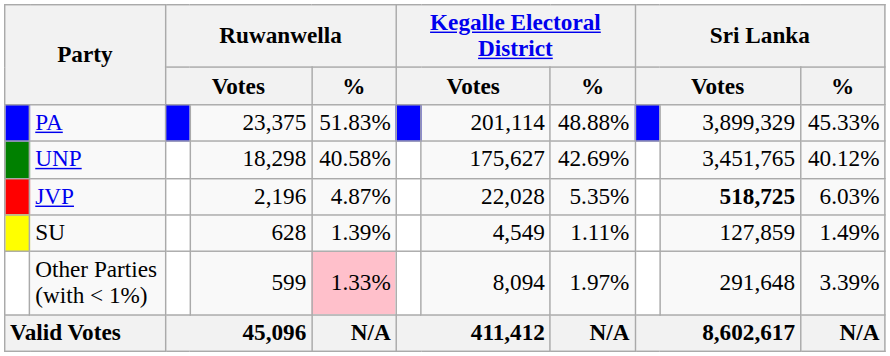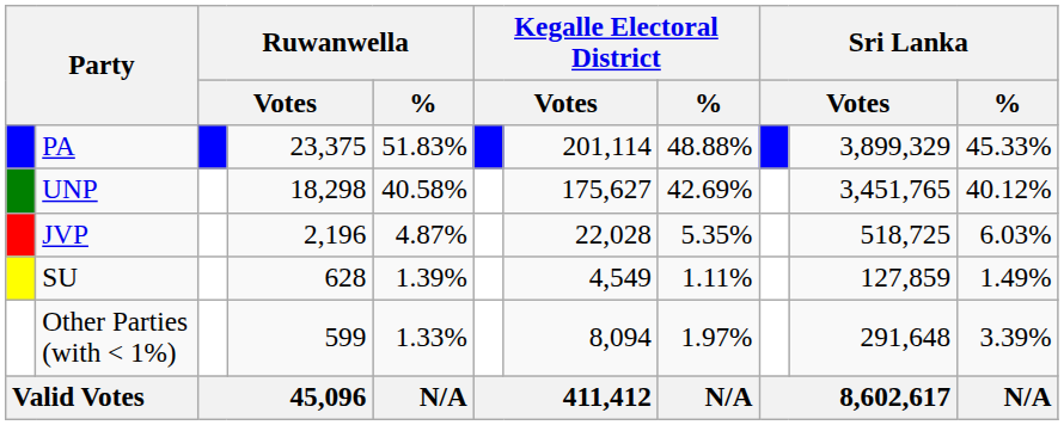 <table class="wikitable">
 <tr>
 <th colspan="2" width="144px"rowspan="2">Party</th>
 <th colspan="3" width="216px">Ruwanwella</th>
 <th colspan="3" width="216px"><a href='#'>Kegalle Electoral District</a></th>
 <th colspan="3" width="216px">Sri Lanka</th>
 </tr>
 <tr>
 <th colspan="2" width="144px">Votes</th>
 <th>%</th>
 <th colspan="2" width="144px">Votes</th>
 <th>%</th>
 <th colspan="2" width="144px">Votes</th>
 <th>%</th>
 </tr>
 <tr>
 <td style="background-color:blue;" width="10px"></td>
 <td style="text-align:left;"><a href='#'>PA</a></td>
 <td style="background-color:blue;" width="10px"></td>
 <td style="text-align:right;">23,375</td>
 <td style="text-align:right;">51.83%</td>
 <td style="background-color:blue;" width="10px"></td>
 <td style="text-align:right;">201,114</td>
 <td style="text-align:right;">48.88%</td>
 <td style="background-color:blue;" width="10px"></td>
 <td style="text-align:right;">3,899,329</td>
 <td style="text-align:right;">45.33%</td>
 </tr>
 <tr>
 <td style="background-color:green;" width="10px"></td>
 <td style="text-align:left;"><a href='#'>UNP</a></td>
 <td style="background-color:white;" width="10px"></td>
 <td style="text-align:right;">18,298</td>
 <td style="text-align:right;">40.58%</td>
 <td style="background-color:white;" width="10px"></td>
 <td style="text-align:right;">175,627</td>
 <td style="text-align:right;">42.69%</td>
 <td style="background-color:white;" width="10px"></td>
 <td style="text-align:right;">3,451,765</td>
 <td style="text-align:right;">40.12%</td>
 </tr>
 <tr>
 <td style="background-color:red;" width="10px"></td>
 <td style="text-align:left;"><a href='#'>JVP</a></td>
 <td style="background-color:white;" width="10px"></td>
 <td style="text-align:right;">2,196</td>
 <td style="text-align:right;">4.87%</td>
 <td style="background-color:white;" width="10px"></td>
 <td style="text-align:right;">22,028</td>
 <td style="text-align:right;">5.35%</td>
 <td style="background-color:white;" width="10px"></td>
-<td style="text-align:right;"><strong>518,725</strong></td>
+<td style="text-align:right;">518,725</td>
 <td style="text-align:right;">6.03%</td>
 </tr>
 <tr>
 <td style="background-color:yellow;" width="10px"></td>
 <td style="text-align:left;">SU</td>
 <td style="background-color:white;" width="10px"></td>
 <td style="text-align:right;">628</td>
 <td style="text-align:right;">1.39%</td>
 <td style="background-color:white;" width="10px"></td>
 <td style="text-align:right;">4,549</td>
 <td style="text-align:right;">1.11%</td>
 <td style="background-color:white;" width="10px"></td>
 <td style="text-align:right;">127,859</td>
 <td style="text-align:right;">1.49%</td>
 </tr>
 <tr>
 <td style="background-color:white;" width="10px"></td>
 <td style="text-align:left;">Other Parties (with < 1%)</td>
 <td style="background-color:white;" width="10px"></td>
 <td style="text-align:right;">599</td>
-<td style="background: pink; text-align:right;">1.33%</td>
+<td style="text-align:right;">1.33%</td>
 <td style="background-color:white;" width="10px"></td>
 <td style="text-align:right;">8,094</td>
 <td style="text-align:right;">1.97%</td>
 <td style="background-color:white;" width="10px"></td>
 <td style="text-align:right;">291,648</td>
 <td style="text-align:right;">3.39%</td>
 </tr>
 <tr>
 <th colspan="2" width="144px"style="text-align:left;">Valid Votes</th>
 <th style="text-align:right;"colspan="2" width="144px">45,096</th>
 <th style="text-align:right;">N/A</th>
 <th style="text-align:right;"colspan="2" width="144px">411,412</th>
 <th style="text-align:right;">N/A</th>
 <th style="text-align:right;"colspan="2" width="144px">8,602,617</th>
 <th style="text-align:right;">N/A</th>
 </tr>
 </table>
